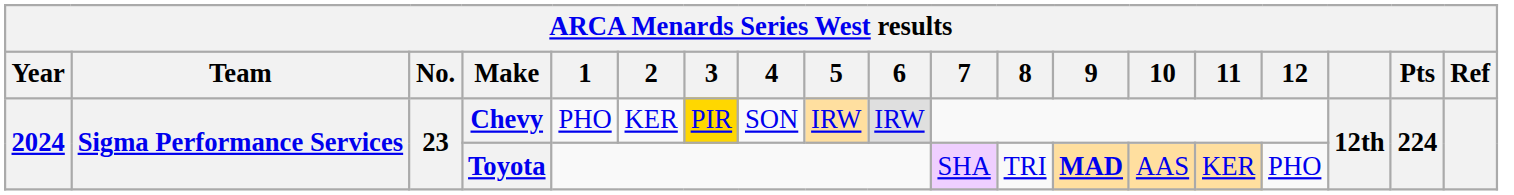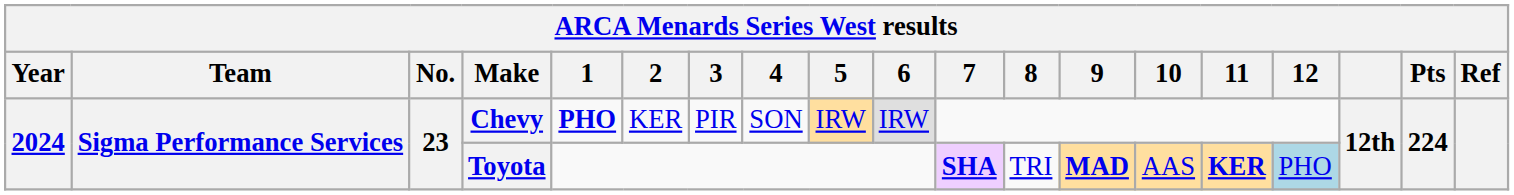 <table class="wikitable" style="text-align:center; font-size:75%">
 <tr>
 <th colspan=23><a href='#'>ARCA Menards Series West</a> results</th>
 </tr>
 <tr>
 <th>Year</th>
 <th>Team</th>
 <th>No.</th>
 <th>Make</th>
 <th>1</th>
 <th>2</th>
 <th>3</th>
 <th>4</th>
 <th>5</th>
 <th>6</th>
 <th>7</th>
 <th>8</th>
 <th>9</th>
 <th>10</th>
 <th>11</th>
 <th>12</th>
 <th></th>
 <th>Pts</th>
 <th>Ref</th>
 </tr>
 <tr>
 <th rowspan=2><a href='#'>2024</a></th>
 <th rowspan=2><a href='#'>Sigma Performance Services</a></th>
 <th rowspan=2>23</th>
 <th><a href='#'>Chevy</a></th>
-<td><a href='#'>PHO</a></td>
+<td><strong><a href='#'>PHO</a></strong></td>
 <td><a href='#'>KER</a></td>
-<td style="background: gold;"><a href='#'>PIR</a></td>
+<td><a href='#'>PIR</a></td>
 <td><a href='#'>SON</a></td>
 <td style="background:#FFDF9F;"><a href='#'>IRW</a><br></td>
 <td style="background:#DFDFDF;"><a href='#'>IRW</a><br></td>
 <td colspan=6></td>
 <th rowspan=2>12th</th>
 <th rowspan=2>224</th>
 <th rowspan=2></th>
 </tr>
 <tr>
 <th><a href='#'>Toyota</a></th>
 <td colspan=6></td>
-<td style="background:#EFCFFF;"><a href='#'>SHA</a><br></td>
+<td style="background:#EFCFFF;"><strong><a href='#'>SHA</a><br></strong></td>
 <td><a href='#'>TRI</a></td>
 <td style="background:#FFDF9F;"><strong><a href='#'>MAD</a></strong><br></td>
 <td style="background:#FFDF9F;"><a href='#'>AAS</a><br></td>
-<td style="background:#FFDF9F;"><a href='#'>KER</a><br></td>
-<td><a href='#'>PHO</a></td>
+<td style="background:#FFDF9F;"><strong><a href='#'>KER</a><br></strong></td>
+<td style="background: lightblue;"><a href='#'>PHO</a></td>
 </tr>
 </table>
